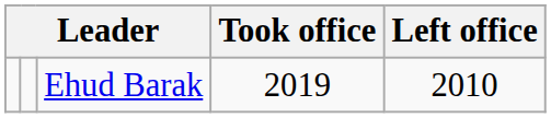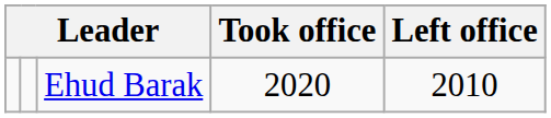 <table class="wikitable" style="text-align: center;">
 <tr>
 <th colspan="3">Leader</th>
 <th>Took office</th>
 <th>Left office</th>
 </tr>
 <tr>
 <td style="background: "></td>
 <td></td>
 <td><a href='#'>Ehud Barak</a></td>
-<td>2019</td>
+<td>2020</td>
 <td>2010</td>
 </tr>
 </table>
